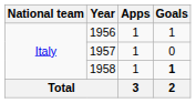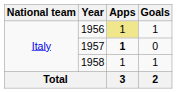 <table class="wikitable" style="text-align:center">
 <tr>
 <th>National team</th>
 <th>Year</th>
 <th>Apps</th>
 <th>Goals</th>
 </tr>
 <tr>
 <td rowspan="3"><a href='#'>Italy</a></td>
 <td>1956</td>
-<td>1</td>
+<td style="background: khaki;">1</td>
 <td>1</td>
 </tr>
 <tr>
 <td>1957</td>
-<td>1</td>
+<td><strong>1</strong></td>
 <td>0</td>
 </tr>
 <tr>
 <td>1958</td>
 <td>1</td>
-<td><strong>1</strong></td>
+<td>1</td>
 </tr>
 <tr>
 <th colspan="2">Total</th>
 <th>3</th>
 <th>2</th>
 </tr>
 </table>
